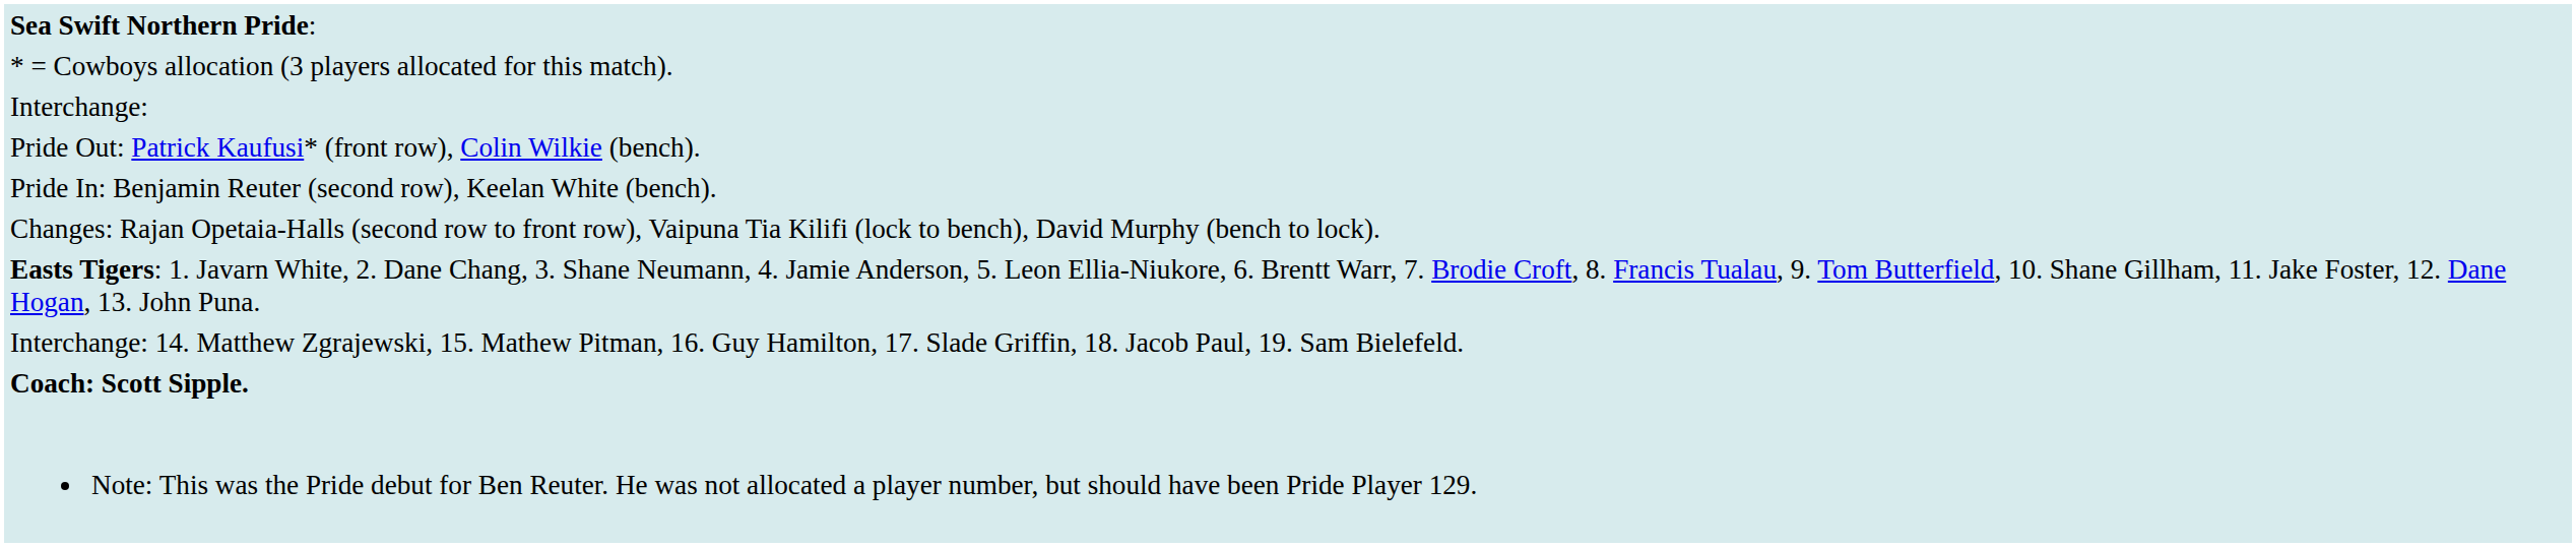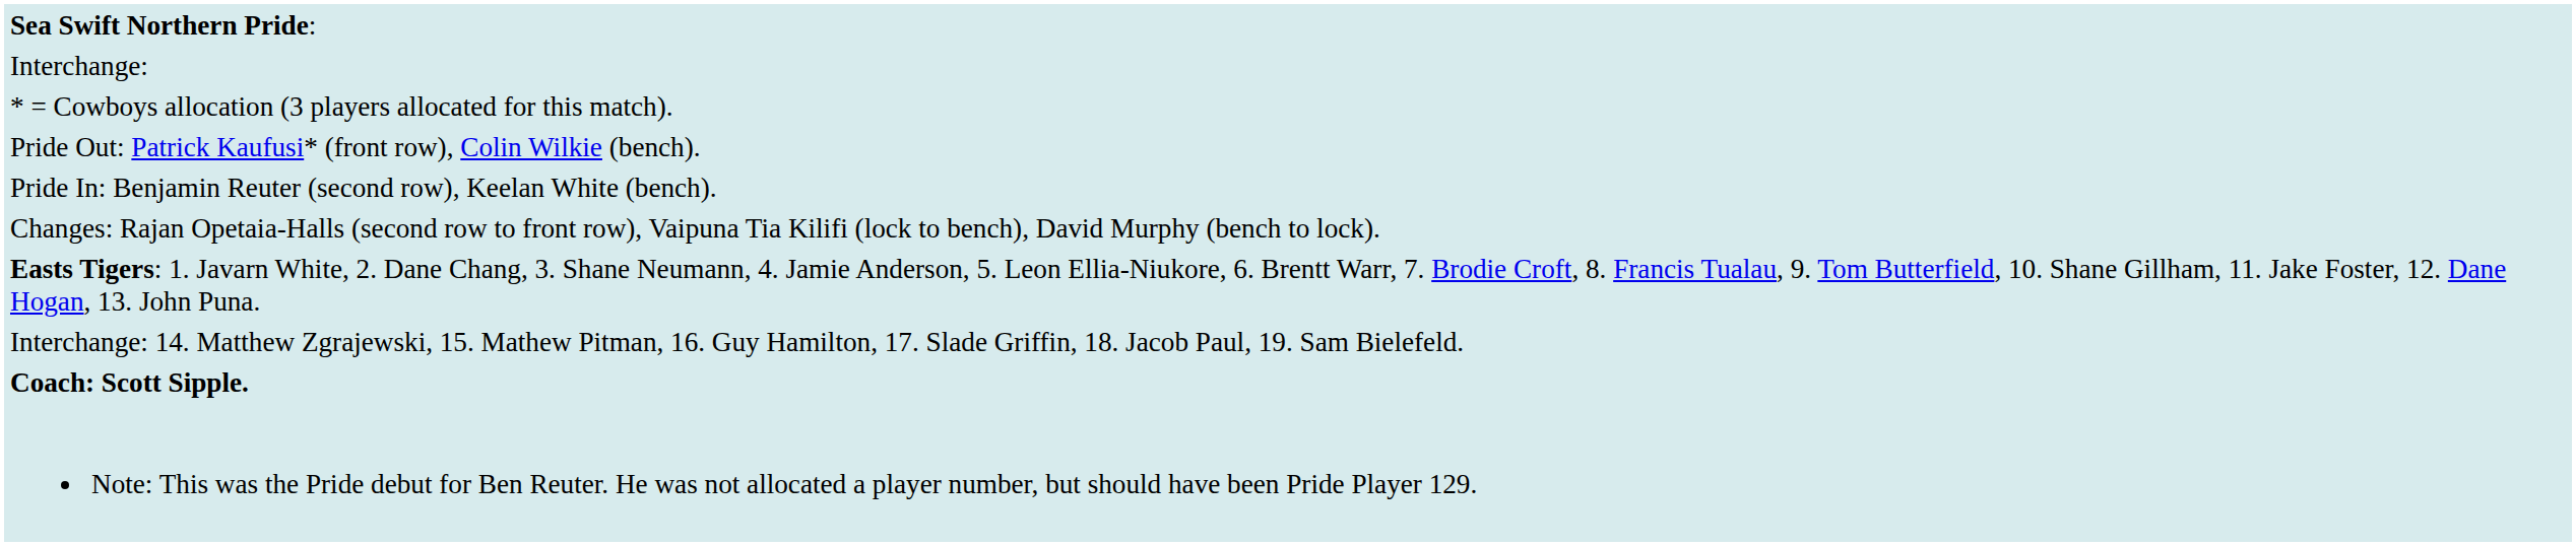 <table style="background:#d7ebed; font-size:85%; width:100%;">
 <tr>
 <td><strong>Sea Swift Northern Pride</strong>:             </td>
 </tr>
 <tr>
-<td>* = Cowboys allocation (3 players allocated for this match).</td>
+<td>Interchange:    </td>
 </tr>
 <tr>
-<td>Interchange:    </td>
+<td>* = Cowboys allocation (3 players allocated for this match).</td>
 </tr>
 <tr>
 <td>Pride Out: <a href='#'>Patrick Kaufusi</a>* (front row), <a href='#'>Colin Wilkie</a> (bench).</td>
 </tr>
 <tr>
 <td>Pride In: Benjamin Reuter (second row), Keelan White (bench).</td>
 </tr>
 <tr>
 <td>Changes: Rajan Opetaia-Halls (second row to front row), Vaipuna Tia Kilifi (lock to bench), David Murphy (bench to lock).</td>
 </tr>
 <tr>
 <td><strong>Easts Tigers</strong>: 1. Javarn White, 2. Dane Chang, 3. Shane Neumann, 4. Jamie Anderson, 5. Leon Ellia-Niukore, 6. Brentt Warr, 7. <a href='#'>Brodie Croft</a>, 8. <a href='#'>Francis Tualau</a>, 9. <a href='#'>Tom Butterfield</a>, 10. Shane Gillham, 11. Jake Foster, 12. <a href='#'>Dane Hogan</a>, 13. John Puna.</td>
 </tr>
 <tr>
 <td>Interchange: 14. Matthew Zgrajewski, 15. Mathew Pitman, 16. Guy Hamilton, 17. Slade Griffin, 18. Jacob Paul, 19. Sam Bielefeld.</td>
 </tr>
 <tr>
 <td><strong>Coach: Scott Sipple.</strong></td>
 </tr>
 <tr>
 <td><br><ul><li>Note: This was the Pride debut for Ben Reuter. He was not allocated a player number, but should have been Pride Player 129.</li></ul></td>
 </tr>
 <tr>
 </tr>
 <tr>
 </tr>
 </table>
